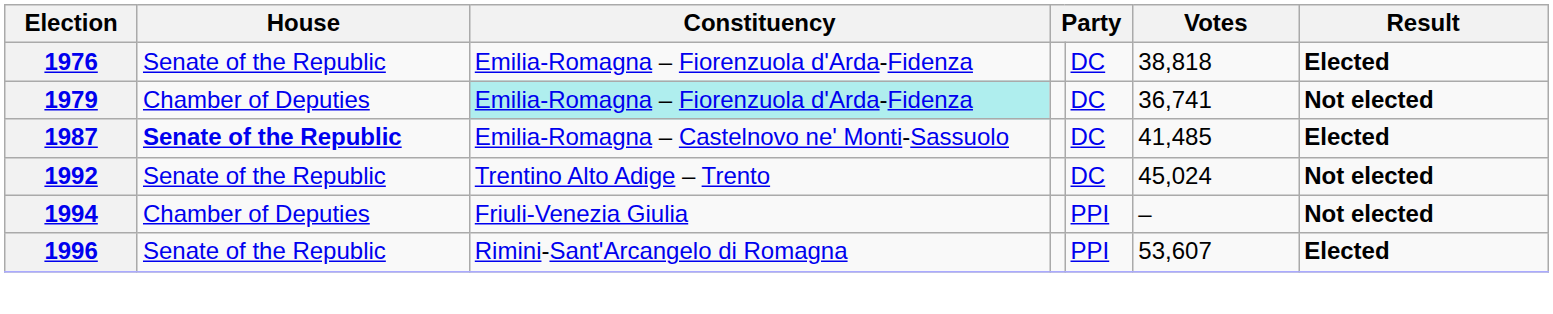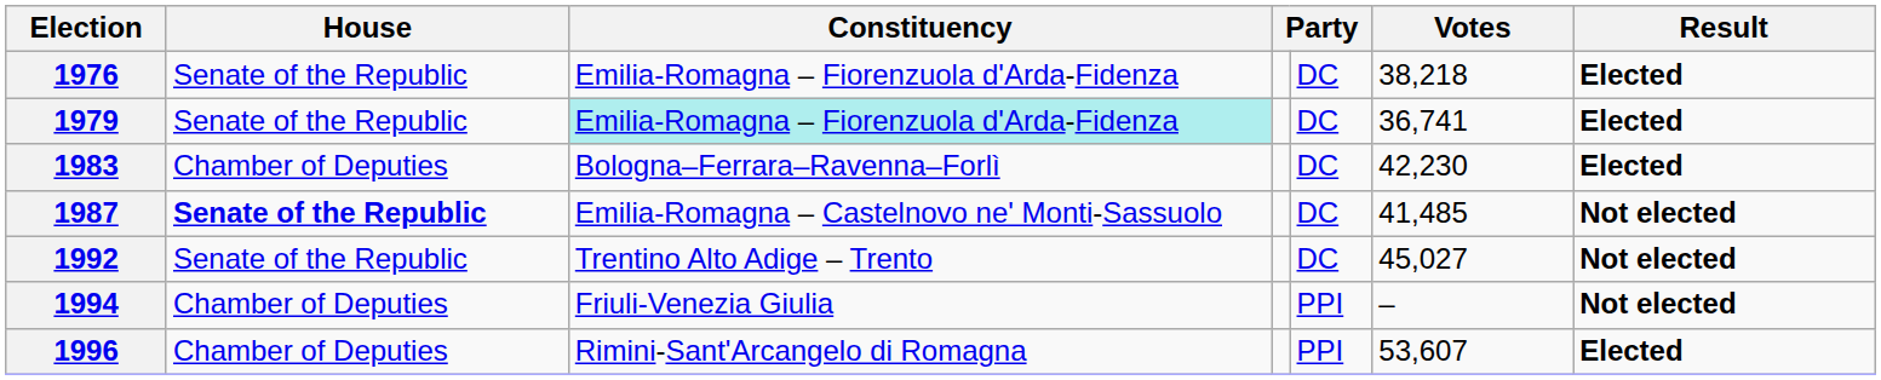 <table class=wikitable style="width:65%; border:1px #AAAAFF solid">
 <tr>
 <th width=8%>Election</th>
 <th width=20%>House</th>
 <th width=35%>Constituency</th>
 <th width=5% colspan="2">Party</th>
 <th width=10%>Votes</th>
 <th width=15%>Result</th>
 </tr>
 <tr>
 <th><a href='#'>1976</a></th>
 <td><a href='#'>Senate of the Republic</a></td>
 <td><a href='#'>Emilia-Romagna</a> – <a href='#'>Fiorenzuola d'Arda</a>-<a href='#'>Fidenza</a></td>
 <td></td>
 <td><a href='#'>DC</a></td>
-<td>38,818</td>
+<td>38,218</td>
 <td> <strong>Elected</strong></td>
 </tr>
 <tr>
 <th><a href='#'>1979</a></th>
-<td><a href='#'>Chamber of Deputies</a></td>
+<td><a href='#'>Senate of the Republic</a></td>
 <td style="background: paleturquoise;"><a href='#'>Emilia-Romagna</a> – <a href='#'>Fiorenzuola d'Arda</a>-<a href='#'>Fidenza</a></td>
 <td></td>
 <td><a href='#'>DC</a></td>
 <td>36,741</td>
-<td> <strong>Not elected</strong></td>
+<td> <strong>Elected</strong></td>
+</tr>
+<tr>
+<th><a href='#'>1983</a></th>
+<td><a href='#'>Chamber of Deputies</a></td>
+<td><a href='#'>Bologna–Ferrara–Ravenna–Forlì</a></td>
+<td></td>
+<td><a href='#'>DC</a></td>
+<td>42,230</td>
+<td> <strong>Elected</strong></td>
 </tr>
 <tr>
 <th><a href='#'>1987</a></th>
 <td><strong><a href='#'>Senate of the Republic</a></strong></td>
 <td><a href='#'>Emilia-Romagna</a> – <a href='#'>Castelnovo ne' Monti</a>-<a href='#'>Sassuolo</a></td>
 <td></td>
 <td><a href='#'>DC</a></td>
 <td>41,485</td>
-<td> <strong>Elected</strong></td>
+<td> <strong>Not elected</strong></td>
 </tr>
 <tr>
 <th><a href='#'>1992</a></th>
 <td><a href='#'>Senate of the Republic</a></td>
 <td><a href='#'>Trentino Alto Adige</a> – <a href='#'>Trento</a></td>
 <td></td>
 <td><a href='#'>DC</a></td>
-<td>45,024</td>
+<td>45,027</td>
 <td> <strong>Not elected</strong></td>
 </tr>
 <tr>
 <th><a href='#'>1994</a></th>
 <td><a href='#'>Chamber of Deputies</a></td>
 <td><a href='#'>Friuli-Venezia Giulia</a></td>
 <td></td>
 <td><a href='#'>PPI</a></td>
 <td>–</td>
 <td> <strong>Not elected</strong></td>
 </tr>
 <tr>
 <th><a href='#'>1996</a></th>
-<td><a href='#'>Senate of the Republic</a></td>
+<td><a href='#'>Chamber of Deputies</a></td>
 <td><a href='#'>Rimini</a>-<a href='#'>Sant'Arcangelo di Romagna</a></td>
 <td></td>
 <td><a href='#'>PPI</a></td>
 <td>53,607</td>
 <td> <strong>Elected</strong></td>
 </tr>
 <tr>
 </tr>
 </table>
